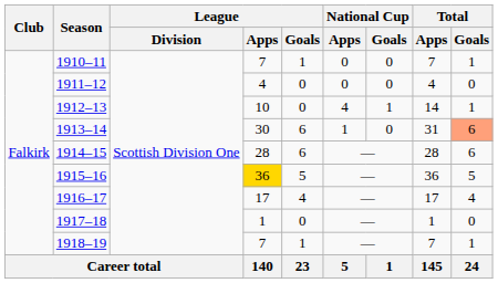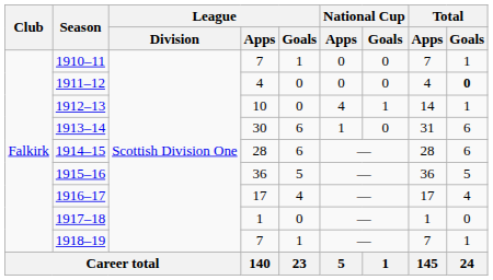 <table class="wikitable" style="text-align: center;">
 <tr>
 <th rowspan="2">Club</th>
 <th rowspan="2">Season</th>
 <th colspan="3">League</th>
 <th colspan="2">National Cup</th>
 <th colspan="2">Total</th>
 </tr>
 <tr>
 <th>Division</th>
 <th>Apps</th>
 <th>Goals</th>
 <th>Apps</th>
 <th>Goals</th>
 <th>Apps</th>
 <th>Goals</th>
 </tr>
 <tr>
 <td rowspan="9"><a href='#'>Falkirk</a></td>
 <td><a href='#'>1910–11</a></td>
 <td rowspan="9"><a href='#'>Scottish Division One</a></td>
 <td>7</td>
 <td>1</td>
 <td>0</td>
 <td>0</td>
 <td>7</td>
 <td>1</td>
 </tr>
 <tr>
 <td><a href='#'>1911–12</a></td>
 <td>4</td>
 <td>0</td>
 <td>0</td>
 <td>0</td>
 <td>4</td>
-<td>0</td>
+<td><strong>0</strong></td>
 </tr>
 <tr>
 <td><a href='#'>1912–13</a></td>
 <td>10</td>
 <td>0</td>
 <td>4</td>
 <td>1</td>
 <td>14</td>
 <td>1</td>
 </tr>
 <tr>
 <td><a href='#'>1913–14</a></td>
 <td>30</td>
 <td>6</td>
 <td>1</td>
 <td>0</td>
 <td>31</td>
-<td style="background: lightsalmon;">6</td>
+<td>6</td>
 </tr>
 <tr>
 <td><a href='#'>1914–15</a></td>
 <td>28</td>
 <td>6</td>
 <td colspan="2">—</td>
 <td>28</td>
 <td>6</td>
 </tr>
 <tr>
 <td><a href='#'>1915–16</a></td>
-<td style="background: gold;">36</td>
+<td>36</td>
 <td>5</td>
 <td colspan="2">—</td>
 <td>36</td>
 <td>5</td>
 </tr>
 <tr>
 <td><a href='#'>1916–17</a></td>
 <td>17</td>
 <td>4</td>
 <td colspan="2">—</td>
 <td>17</td>
 <td>4</td>
 </tr>
 <tr>
 <td><a href='#'>1917–18</a></td>
 <td>1</td>
 <td>0</td>
 <td colspan="2">—</td>
 <td>1</td>
 <td>0</td>
 </tr>
 <tr>
 <td><a href='#'>1918–19</a></td>
 <td>7</td>
 <td>1</td>
 <td colspan="2">—</td>
 <td>7</td>
 <td>1</td>
 </tr>
 <tr>
 <th colspan="3">Career total</th>
 <th>140</th>
 <th>23</th>
 <th>5</th>
 <th>1</th>
 <th>145</th>
 <th>24</th>
 </tr>
 </table>
